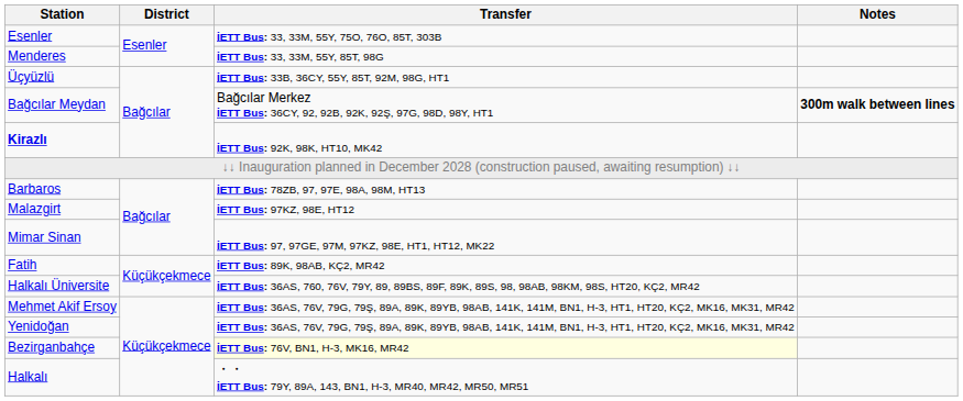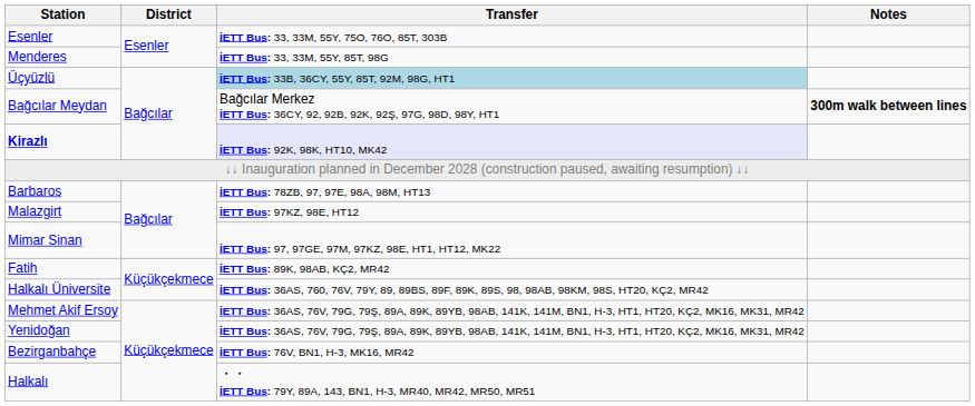 <table class="wikitable">
 <tr>
 <th>Station</th>
 <th>District</th>
 <th>Transfer</th>
 <th>Notes</th>
 </tr>
 <tr>
 <td><a href='#'>Esenler</a></td>
 <td rowspan="2"><a href='#'>Esenler</a></td>
 <td><small><strong><a href='#'>İETT Bus</a>:</strong> 33, 33M, 55Y, 75O, 76O, 85T, 303B</small></td>
 <td></td>
 </tr>
 <tr>
 <td><a href='#'>Menderes</a></td>
 <td><small><strong><a href='#'>İETT Bus</a>:</strong> 33, 33M, 55Y, 85T, 98G</small></td>
 <td></td>
 </tr>
 <tr>
 <td><a href='#'>Üçyüzlü</a></td>
 <td rowspan="3"><a href='#'>Bağcılar</a></td>
-<td><small><strong><a href='#'>İETT Bus</a>:</strong> 33B, 36CY, 55Y, 85T, 92M, 98G, HT1</small></td>
+<td style="background: lightblue;"><small><strong><a href='#'>İETT Bus</a>:</strong> 33B, 36CY, 55Y, 85T, 92M, 98G, HT1</small></td>
 <td></td>
 </tr>
 <tr>
 <td><a href='#'>Bağcılar Meydan</a></td>
 <td> Bağcılar Merkez<br><small><strong><a href='#'>İETT Bus</a>:</strong> 36CY, 92, 92B, 92K, 92Ş, 97G, 98D, 98Y, HT1</small></td>
 <td><strong>300m walk between lines</strong></td>
 </tr>
 <tr>
 <td><strong><a href='#'>Kirazlı</a></strong></td>
-<td><br><small><strong><a href='#'>İETT Bus</a>:</strong> 92K, 98K, HT10, MK42</small></td>
+<td style="background: lavender;"><br><small><strong><a href='#'>İETT Bus</a>:</strong> 92K, 98K, HT10, MK42</small></td>
 <td></td>
 </tr>
 <tr>
 <td colspan="4" style="background: #ececec; color: grey; vertical-align: middle; text-align:center ">↓↓ Inauguration planned in December 2028 (construction paused, awaiting resumption) ↓↓</td>
 </tr>
 <tr>
 <td><a href='#'>Barbaros</a></td>
 <td rowspan="3"><a href='#'>Bağcılar</a></td>
 <td><small><strong><a href='#'>İETT Bus</a>:</strong> 78ZB, 97, 97E, 98A, 98M, HT13</small></td>
 <td></td>
 </tr>
 <tr>
 <td><a href='#'>Malazgirt</a></td>
 <td><small><strong><a href='#'>İETT Bus</a>:</strong> 97KZ, 98E, HT12</small></td>
 <td></td>
 </tr>
 <tr>
 <td><a href='#'>Mimar Sinan</a></td>
 <td><br><small><strong><a href='#'>İETT Bus</a>:</strong> 97, 97GE, 97M, 97KZ, 98E, HT1, HT12, MK22</small></td>
 <td></td>
 </tr>
 <tr>
 <td><a href='#'>Fatih</a></td>
 <td rowspan="2"><a href='#'>Küçükçekmece</a></td>
 <td><small><strong><a href='#'>İETT Bus</a>:</strong> 89K, 98AB, KÇ2, MR42</small></td>
 <td></td>
 </tr>
 <tr>
 <td><a href='#'>Halkalı Üniversite</a></td>
 <td><small><strong><a href='#'>İETT Bus</a>:</strong> 36AS, 760, 76V, 79Y, 89, 89BS, 89F, 89K, 89S, 98, 98AB, 98KM, 98S, HT20, KÇ2, MR42</small></td>
 <td></td>
 </tr>
 <tr>
 <td><a href='#'>Mehmet Akif Ersoy</a></td>
 <td rowspan="4"><a href='#'>Küçükçekmece</a></td>
 <td><small><strong><a href='#'>İETT Bus</a>:</strong> 36AS, 76V, 79G, 79Ş, 89A, 89K, 89YB, 98AB, 141K, 141M, BN1, H-3, HT1, HT20, KÇ2, MK16, MK31, MR42</small></td>
 <td></td>
 </tr>
 <tr>
 <td><a href='#'>Yenidoğan</a></td>
 <td><small><strong><a href='#'>İETT Bus</a>:</strong> 36AS, 76V, 79G, 79Ş, 89A, 89K, 89YB, 98AB, 141K, 141M, BN1, H-3, HT1, HT20, KÇ2, MK16, MK31, MR42</small></td>
 <td></td>
 </tr>
 <tr>
 <td><a href='#'>Bezirganbahçe</a></td>
-<td style="background: lightyellow;"><small><strong><a href='#'>İETT Bus</a>:</strong> 76V, BN1, H-3, MK16, MR42</small></td>
+<td><small><strong><a href='#'>İETT Bus</a>:</strong> 76V, BN1, H-3, MK16, MR42</small></td>
 <td></td>
 </tr>
 <tr>
 <td><a href='#'>Halkalı</a></td>
 <td>・・<br><small><strong><a href='#'>İETT Bus</a>:</strong> 79Y, 89A, 143, BN1, H-3, MR40, MR42, MR50, MR51</small></td>
 <td></td>
 </tr>
 </table>
